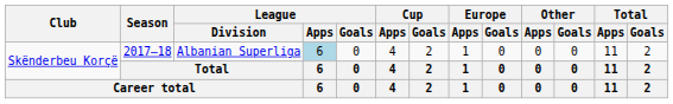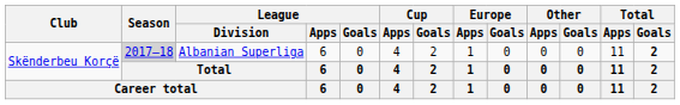 <table class="wikitable" style="text-align: center;">
 <tr>
 <th rowspan="2">Club</th>
 <th rowspan="2">Season</th>
 <th colspan="3">League</th>
 <th colspan="2">Cup</th>
 <th colspan="2">Europe</th>
 <th colspan="2">Other</th>
 <th colspan="2">Total</th>
 </tr>
 <tr>
 <th>Division</th>
 <th>Apps</th>
 <th>Goals</th>
 <th>Apps</th>
 <th>Goals</th>
 <th>Apps</th>
 <th>Goals</th>
 <th>Apps</th>
 <th>Goals</th>
 <th>Apps</th>
 <th>Goals</th>
 </tr>
 <tr>
 <td rowspan="2" valign="center"><a href='#'>Skënderbeu Korçë</a></td>
-<td><a href='#'>2017–18</a></td>
+<td style="background: lightgrey;"><a href='#'>2017–18</a></td>
 <td rowspan="1" valign="center"><a href='#'>Albanian Superliga</a></td>
-<td style="background: lightblue;">6</td>
+<td>6</td>
 <td>0</td>
 <td>4</td>
 <td>2</td>
 <td>1</td>
 <td>0</td>
 <td>0</td>
 <td>0</td>
 <td>11</td>
-<td>2</td>
+<td><strong>2</strong></td>
 </tr>
 <tr>
 <th colspan="2">Total</th>
 <th>6</th>
 <th>0</th>
 <th>4</th>
 <th>2</th>
 <th>1</th>
 <th>0</th>
 <th>0</th>
 <th>0</th>
 <th>11</th>
 <th>2</th>
 </tr>
 <tr>
 <th colspan="3">Career total</th>
 <th>6</th>
 <th>0</th>
 <th>4</th>
 <th>2</th>
 <th>1</th>
 <th>0</th>
 <th>0</th>
 <th>0</th>
 <th>11</th>
 <th>2</th>
 </tr>
 </table>
